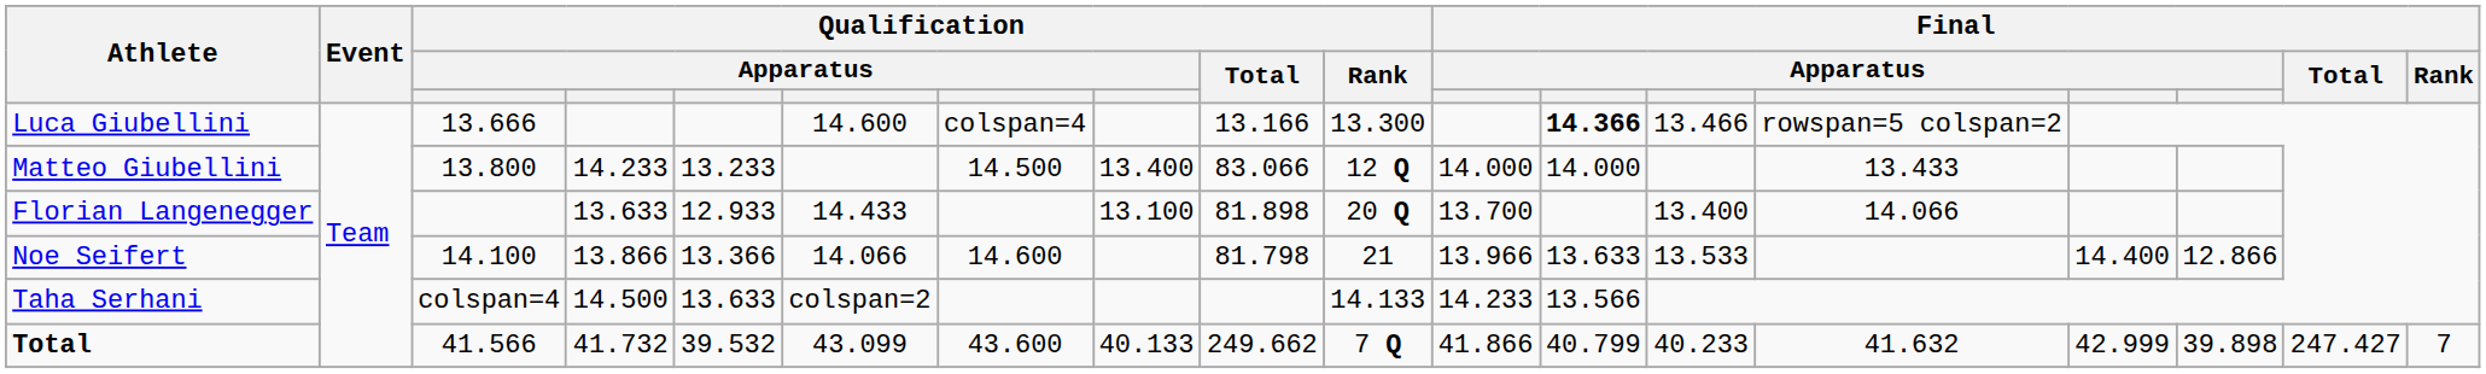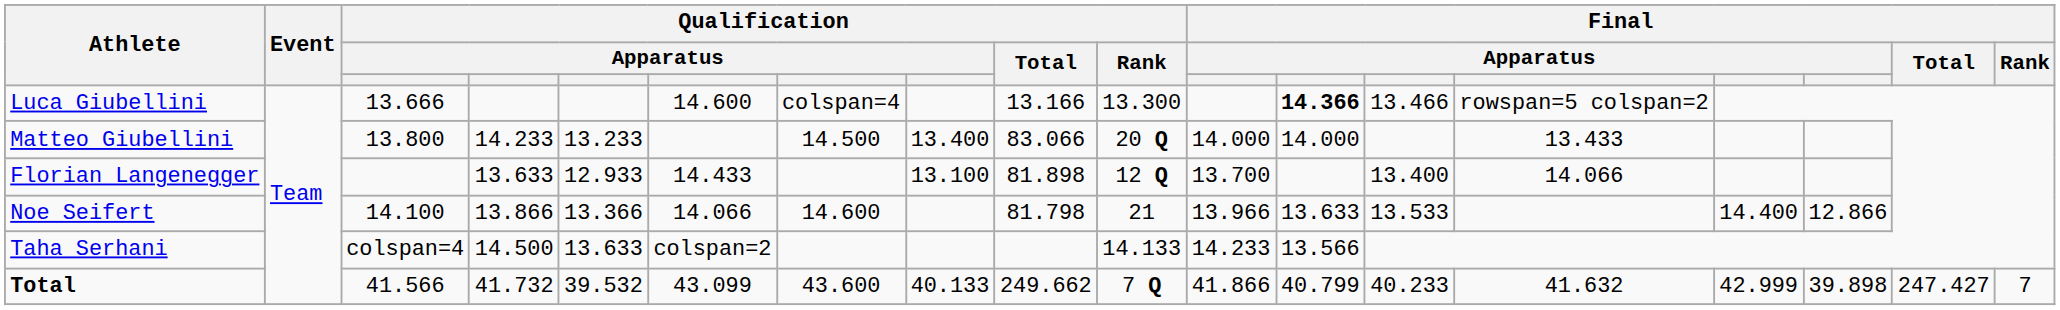 <table class="wikitable" style="font-size:90%">
 <tr>
 <th rowspan=3>Athlete</th>
 <th rowspan=3>Event</th>
 <th colspan =8>Qualification</th>
 <th colspan =8>Final</th>
 </tr>
 <tr style="font-size:95%">
 <th colspan=6>Apparatus</th>
 <th rowspan=2>Total</th>
 <th rowspan=2>Rank</th>
 <th colspan=6>Apparatus</th>
 <th rowspan=2>Total</th>
 <th rowspan=2>Rank</th>
 </tr>
 <tr style="font-size:95%">
 <th></th>
 <th></th>
 <th></th>
 <th></th>
 <th></th>
 <th></th>
 <th></th>
 <th></th>
 <th></th>
 <th></th>
 <th></th>
 <th></th>
 </tr>
 <tr align=center>
 <td align=left><a href='#'>Luca Giubellini</a></td>
 <td align=left rowspan=6><a href='#'>Team</a></td>
 <td>13.666</td>
 <td></td>
 <td></td>
 <td>14.600</td>
 <td>colspan=4 </td>
 <td></td>
 <td>13.166</td>
 <td>13.300</td>
 <td></td>
 <td><strong>14.366</strong></td>
 <td>13.466</td>
 <td>rowspan=5 colspan=2 </td>
 </tr>
 <tr align=center>
 <td align=left><a href='#'>Matteo Giubellini</a></td>
 <td>13.800</td>
 <td>14.233</td>
 <td>13.233</td>
 <td></td>
 <td>14.500</td>
 <td>13.400</td>
 <td>83.066</td>
-<td>12 <strong>Q</strong></td>
+<td>20 <strong>Q</strong></td>
 <td>14.000</td>
 <td>14.000</td>
 <td></td>
 <td>13.433</td>
 <td></td>
 <td></td>
 </tr>
 <tr align=center>
 <td align=left><a href='#'>Florian Langenegger</a></td>
 <td></td>
 <td>13.633</td>
 <td>12.933</td>
 <td>14.433</td>
 <td></td>
 <td>13.100</td>
 <td>81.898</td>
-<td>20 <strong>Q</strong></td>
+<td>12 <strong>Q</strong></td>
 <td>13.700</td>
 <td></td>
 <td>13.400</td>
 <td>14.066</td>
 <td></td>
 <td></td>
 </tr>
 <tr align=center>
 <td align=left><a href='#'>Noe Seifert</a></td>
 <td>14.100</td>
 <td>13.866</td>
 <td>13.366</td>
 <td>14.066</td>
 <td>14.600</td>
 <td></td>
 <td>81.798</td>
 <td>21</td>
 <td>13.966</td>
 <td>13.633</td>
 <td>13.533</td>
 <td></td>
 <td>14.400</td>
 <td>12.866</td>
 </tr>
 <tr align=center>
 <td align=left><a href='#'>Taha Serhani</a></td>
 <td>colspan=4 </td>
 <td>14.500</td>
 <td>13.633</td>
 <td>colspan=2 </td>
 <td></td>
 <td></td>
 <td></td>
 <td>14.133</td>
 <td>14.233</td>
 <td>13.566</td>
 </tr>
 <tr align=center>
 <td align=left><strong>Total</strong></td>
 <td>41.566</td>
 <td>41.732</td>
 <td>39.532</td>
 <td>43.099</td>
 <td>43.600</td>
 <td>40.133</td>
 <td>249.662</td>
 <td>7 <strong>Q</strong></td>
 <td>41.866</td>
 <td>40.799</td>
 <td>40.233</td>
 <td>41.632</td>
 <td>42.999</td>
 <td>39.898</td>
 <td>247.427</td>
 <td>7</td>
 </tr>
 </table>
